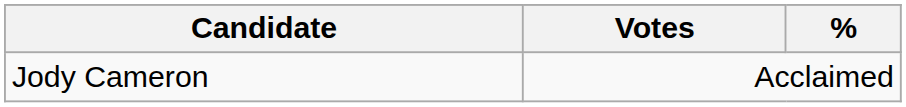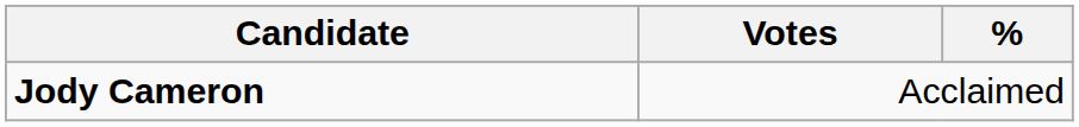 <table style="width:475px;" class="wikitable">
 <tr>
 <th align="center">Candidate</th>
 <th align="center">Votes</th>
 <th align="center">%</th>
 </tr>
 <tr>
-<td align="left">Jody Cameron</td>
+<td align="left"><strong>Jody Cameron</strong></td>
 <td align="right" colspan="2" align="center">Acclaimed</td>
 </tr>
 </table>
